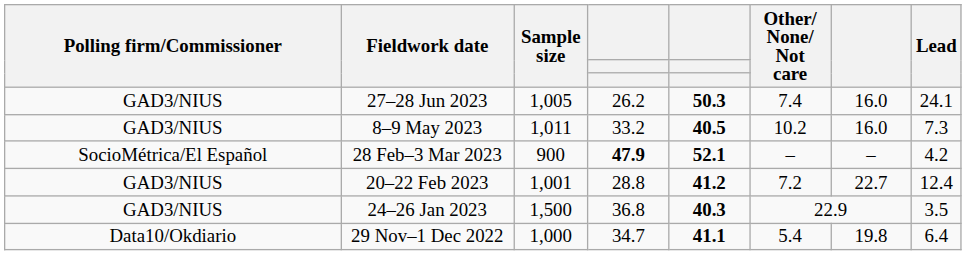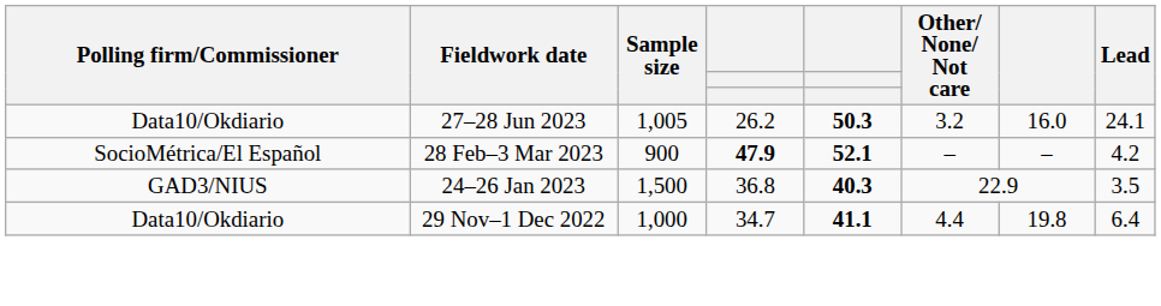 <table class="wikitable collapsible collapsed" style="text-align:center; font-size:90%; line-height:14px;">
 <tr style="height:42px;">
 <th style="width:250px;" rowspan="3">Polling firm/Commissioner</th>
 <th style="width:125px;" rowspan="3">Fieldwork date</th>
 <th style="width:50px;" rowspan="3">Sample size</th>
 <th style="width:55px;"></th>
 <th style="width:55px;"></th>
 <th style="width:55px;" rowspan="3">Other/<br>None/<br>Not<br>care</th>
 <th style="width:55px;" rowspan="3"></th>
 <th style="width:30px;" rowspan="3">Lead</th>
 </tr>
 <tr>
 <th style="color:inherit;background:"></th>
 <th style="color:inherit;background:"></th>
 </tr>
 <tr>
 <th></th>
 <th></th>
 </tr>
 <tr>
-<td>GAD3/NIUS</td>
+<td>Data10/Okdiario</td>
 <td>27–28 Jun 2023</td>
 <td>1,005</td>
 <td>26.2</td>
 <td><strong>50.3</strong></td>
-<td>7.4</td>
+<td>3.2</td>
 <td>16.0</td>
 <td style="background:">24.1</td>
-</tr>
-<tr>
-<td>GAD3/NIUS</td>
-<td>8–9 May 2023</td>
-<td>1,011</td>
-<td>33.2</td>
-<td><strong>40.5</strong></td>
-<td>10.2</td>
-<td>16.0</td>
-<td style="background:">7.3</td>
 </tr>
 <tr>
 <td>SocioMétrica/El Español</td>
 <td>28 Feb–3 Mar 2023</td>
 <td>900</td>
 <td><strong>47.9</strong></td>
 <td><strong>52.1</strong></td>
 <td>–</td>
 <td>–</td>
 <td style="background:">4.2</td>
-</tr>
-<tr>
-<td>GAD3/NIUS</td>
-<td>20–22 Feb 2023</td>
-<td>1,001</td>
-<td>28.8</td>
-<td><strong>41.2</strong></td>
-<td>7.2</td>
-<td>22.7</td>
-<td style="background:">12.4</td>
 </tr>
 <tr>
 <td>GAD3/NIUS</td>
 <td>24–26 Jan 2023</td>
 <td>1,500</td>
 <td>36.8</td>
 <td><strong>40.3</strong></td>
 <td colspan="2">22.9</td>
 <td style="background:">3.5</td>
 </tr>
 <tr>
 <td>Data10/Okdiario</td>
 <td>29 Nov–1 Dec 2022</td>
 <td>1,000</td>
 <td>34.7</td>
 <td><strong>41.1</strong></td>
-<td>5.4</td>
+<td>4.4</td>
 <td>19.8</td>
 <td style="background:">6.4</td>
 </tr>
 </table>
